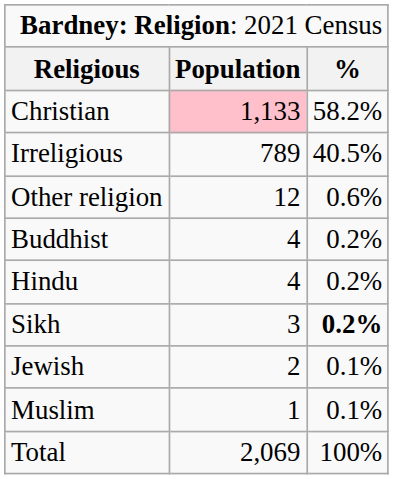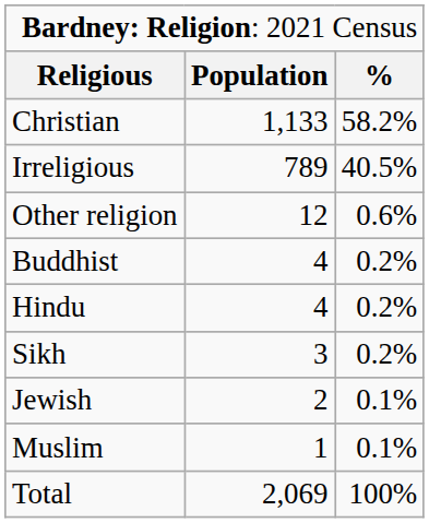 <table class="wikitable">
 <tr>
 <td colspan="14" style="text-align:right;"><strong>Bardney: Religion</strong>: 2021 Census</td>
 </tr>
 <tr>
 <th>Religious</th>
 <th>Population</th>
 <th>%</th>
 </tr>
 <tr>
 <td>Christian</td>
-<td style="background: pink; text-align:right;">1,133</td>
+<td style="text-align:right;">1,133</td>
 <td style="text-align:right;">58.2%</td>
 </tr>
 <tr>
 <td>Irreligious</td>
 <td style="text-align:right;">789</td>
 <td style="text-align:right;">40.5%</td>
 </tr>
 <tr>
 <td>Other religion</td>
 <td style="text-align:right;">12</td>
 <td style="text-align:right;">0.6%</td>
 </tr>
 <tr>
 <td>Buddhist</td>
 <td style="text-align:right;">4</td>
 <td style="text-align:right;">0.2%</td>
 </tr>
 <tr>
 <td>Hindu</td>
 <td style="text-align:right;">4</td>
 <td style="text-align:right;">0.2%</td>
 </tr>
 <tr>
 <td>Sikh</td>
 <td style="text-align:right;">3</td>
-<td style="text-align:right;"><strong>0.2%</strong></td>
+<td style="text-align:right;">0.2%</td>
 </tr>
 <tr>
 <td>Jewish</td>
 <td style="text-align:right;">2</td>
 <td style="text-align:right;">0.1%</td>
 </tr>
 <tr>
 <td>Muslim</td>
 <td style="text-align:right;">1</td>
 <td style="text-align:right;">0.1%</td>
 </tr>
 <tr>
 <td>Total</td>
 <td style="text-align:right;">2,069</td>
 <td style="text-align:right;">100%</td>
 </tr>
 </table>
